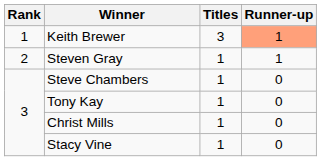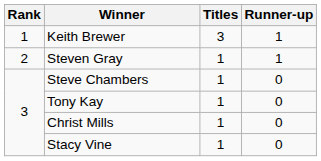 <table class="wikitable sortable" style="text-align:center">
 <tr>
 <th>Rank</th>
 <th style="width:11em">Winner</th>
 <th>Titles</th>
 <th>Runner-up</th>
 </tr>
 <tr>
 <td>1</td>
 <td style="text-align:left"> Keith Brewer</td>
 <td>3</td>
-<td style="background: lightsalmon;">1</td>
+<td>1</td>
 </tr>
 <tr>
 <td>2</td>
 <td style="text-align:left"> Steven Gray</td>
 <td>1</td>
 <td>1</td>
 </tr>
 <tr>
 <td rowspan="4">3</td>
 <td style="text-align:left"> Steve Chambers</td>
 <td>1</td>
 <td>0</td>
 </tr>
 <tr>
 <td style="text-align:left"> Tony Kay</td>
 <td>1</td>
 <td>0</td>
 </tr>
 <tr>
 <td style="text-align:left"> Christ Mills</td>
 <td>1</td>
 <td>0</td>
 </tr>
 <tr>
 <td style="text-align:left"> Stacy Vine</td>
 <td>1</td>
 <td>0</td>
 </tr>
 </table>
